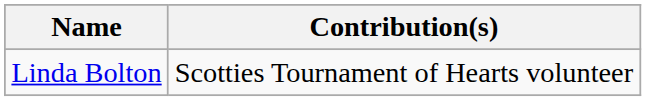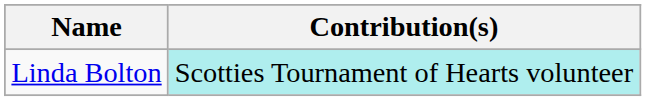 <table class="wikitable">
 <tr>
 <th><strong>Name</strong></th>
 <th><strong>Contribution(s)</strong></th>
 </tr>
 <tr>
 <td><a href='#'>Linda Bolton</a></td>
-<td>Scotties Tournament of Hearts volunteer</td>
+<td style="background: paleturquoise;">Scotties Tournament of Hearts volunteer</td>
 </tr>
 </table>
